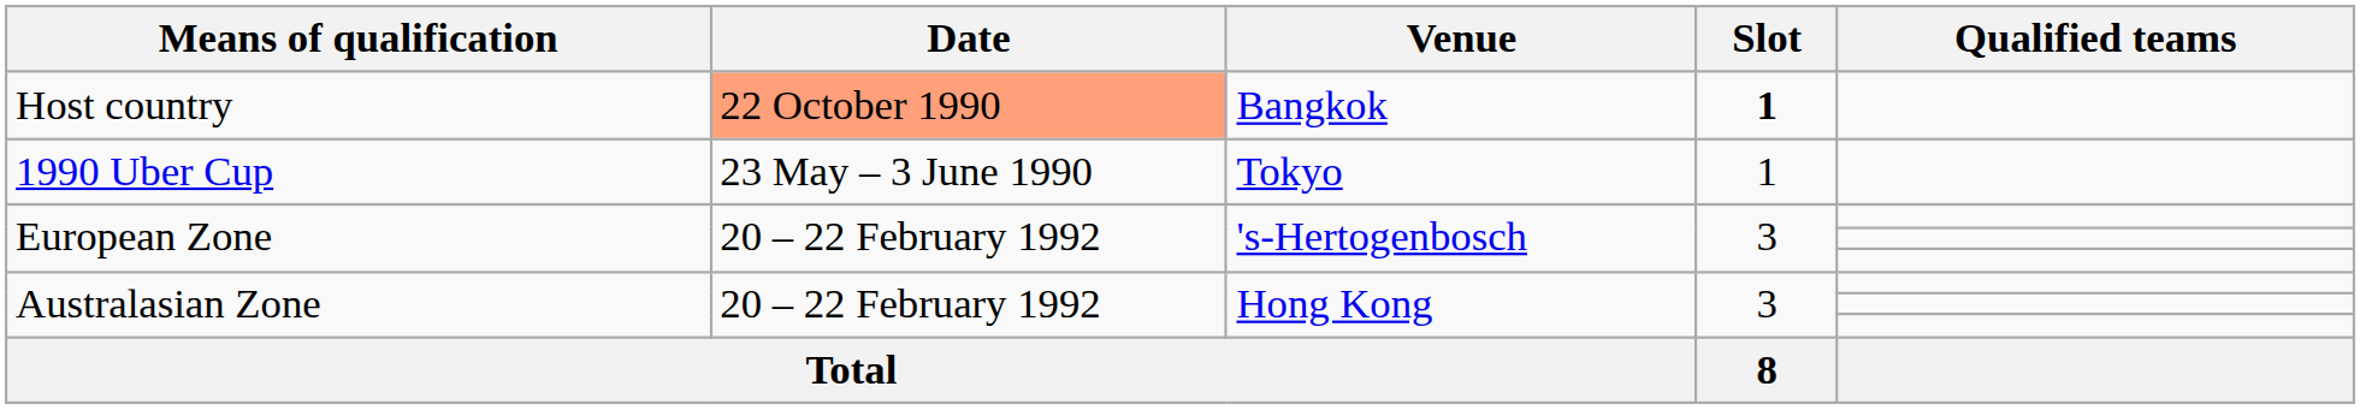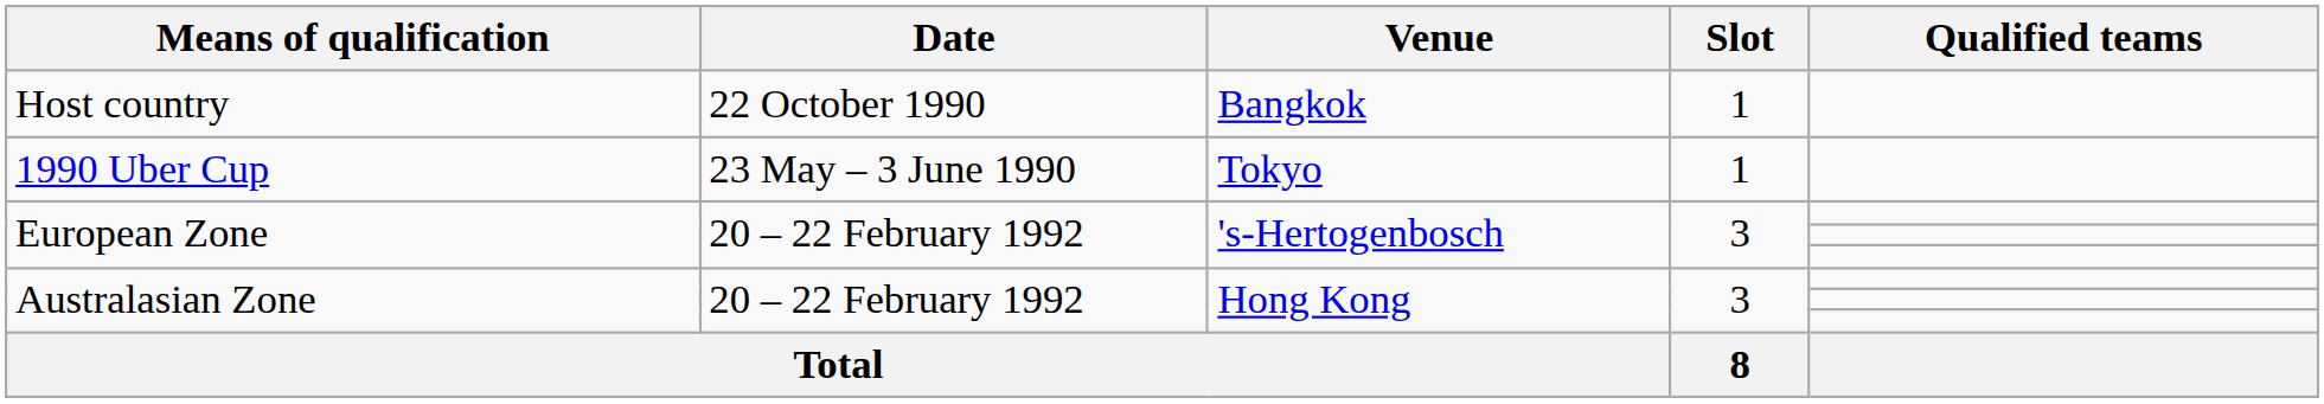 <table class="wikitable" width="900">
 <tr>
 <th width="30%">Means of qualification</th>
 <th width="22%">Date</th>
 <th width="20%">Venue</th>
 <th width="6%">Slot</th>
 <th width="22%">Qualified teams</th>
 </tr>
 <tr>
 <td>Host country</td>
-<td style="background: lightsalmon;">22 October 1990</td>
+<td>22 October 1990</td>
 <td><a href='#'>Bangkok</a></td>
-<td align="center"><strong>1</strong></td>
+<td align="center">1</td>
 <td></td>
 </tr>
 <tr>
 <td><a href='#'>1990 Uber Cup</a></td>
 <td>23 May – 3 June 1990</td>
 <td><a href='#'>Tokyo</a></td>
 <td align="center">1</td>
 <td></td>
 </tr>
 <tr>
 <td rowspan="3">European Zone</td>
 <td rowspan="3">20 – 22 February 1992</td>
 <td rowspan="3"><a href='#'>'s-Hertogenbosch</a></td>
 <td rowspan="3" align="center">3</td>
 <td></td>
 </tr>
 <tr>
 <td></td>
 </tr>
 <tr>
 <td></td>
 </tr>
 <tr>
 <td rowspan="3">Australasian Zone</td>
 <td rowspan="3">20 – 22 February 1992</td>
 <td rowspan="3"><a href='#'>Hong Kong</a></td>
 <td rowspan="3" align="center">3</td>
 <td></td>
 </tr>
 <tr>
 <td></td>
 </tr>
 <tr>
 <td></td>
 </tr>
 <tr>
 <th colspan="3">Total</th>
 <th>8</th>
 <th></th>
 </tr>
 </table>
